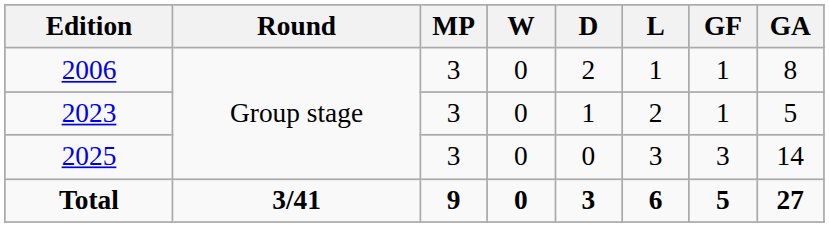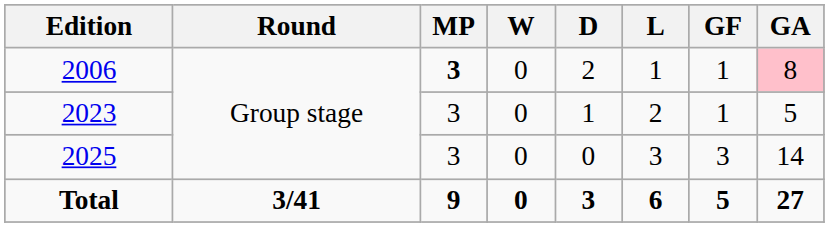 <table class="wikitable" style="text-align:center; width:30em;">
 <tr>
 <th>Edition</th>
 <th>Round</th>
 <th style="width:2em;">MP</th>
 <th style="width:2em;">W</th>
 <th style="width:2em;">D</th>
 <th style="width:2em;">L</th>
 <th style="width:2em;">GF</th>
 <th style="width:2em;">GA</th>
 </tr>
 <tr>
 <td> <a href='#'>2006</a></td>
 <td rowspan=3>Group stage</td>
-<td>3</td>
+<td><strong>3</strong></td>
 <td>0</td>
 <td>2</td>
 <td>1</td>
 <td>1</td>
-<td>8</td>
+<td style="background: pink;">8</td>
 </tr>
 <tr>
 <td> <a href='#'>2023</a></td>
 <td>3</td>
 <td>0</td>
 <td>1</td>
 <td>2</td>
 <td>1</td>
 <td>5</td>
 </tr>
 <tr>
 <td> <a href='#'>2025</a></td>
 <td>3</td>
 <td>0</td>
 <td>0</td>
 <td>3</td>
 <td>3</td>
 <td>14</td>
 </tr>
 <tr>
 <td><strong>Total</strong></td>
 <td><strong>3/41</strong></td>
 <td><strong>9</strong></td>
 <td><strong>0</strong></td>
 <td><strong>3</strong></td>
 <td><strong>6</strong></td>
 <td><strong>5</strong></td>
 <td><strong>27</strong></td>
 </tr>
 </table>
